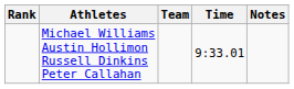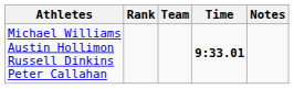 <table class="wikitable sortable">
 <tr>
+<th>Athletes</th>
 <th>Rank</th>
-<th>Athletes</th>
 <th>Team</th>
 <th>Time</th>
 <th>Notes</th>
 </tr>
 <tr>
+<td><a href='#'>Michael Williams</a><br><a href='#'>Austin Hollimon</a><br><a href='#'>Russell Dinkins</a><br><a href='#'>Peter Callahan</a></td>
 <td align=center></td>
-<td><a href='#'>Michael Williams</a><br><a href='#'>Austin Hollimon</a><br><a href='#'>Russell Dinkins</a><br><a href='#'>Peter Callahan</a></td>
 <td></td>
-<td>9:33.01</td>
+<td><strong>9:33.01</strong></td>
 <td></td>
 </tr>
 </table>
